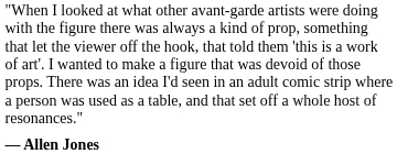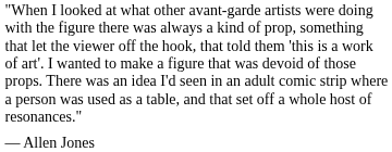 <table class="toccolours" style="float:right; margin-left: 2em; margin-right: 0em; font-size: 85%; background:offwhite; color:black; width:60em; max-width: 40%;" cellspacing="5">
 <tr>
 <td style="text-align: left;">"When I looked at what other avant-garde artists were doing with the figure there was always a kind of prop, something that let the viewer off the hook, that told them 'this is a work of art'. I wanted to make a figure that was devoid of those props. There was an idea I'd seen in an adult comic strip where a person was used as a table, and that set off a whole host of resonances."</td>
 </tr>
 <tr>
-<td style="text-align: left;"><strong>— Allen Jones</strong></td>
+<td style="text-align: left;">— Allen Jones</td>
 </tr>
 </table>
